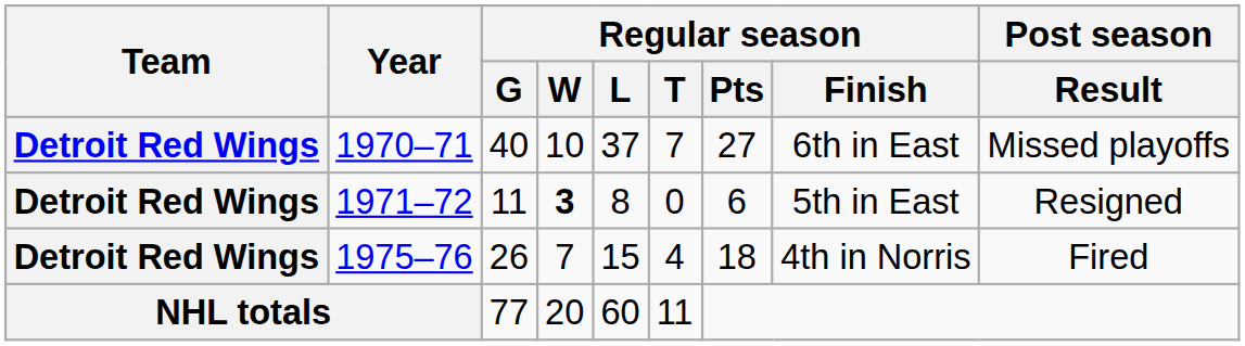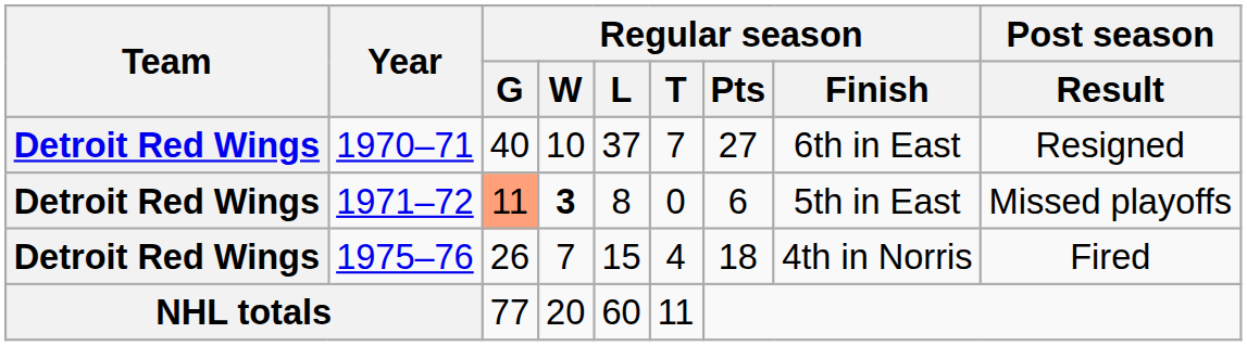 <table class="wikitable" style="font-size: 95%; text-align:center;">
 <tr>
 <th rowspan="2">Team</th>
 <th rowspan="2">Year</th>
 <th colspan="6">Regular season</th>
 <th colspan="1">Post season</th>
 </tr>
 <tr>
 <th>G</th>
 <th>W</th>
 <th>L</th>
 <th>T</th>
 <th>Pts</th>
 <th>Finish</th>
 <th>Result</th>
 </tr>
 <tr>
 <th><a href='#'>Detroit Red Wings</a></th>
 <td><a href='#'>1970–71</a></td>
 <td>40</td>
 <td>10</td>
 <td>37</td>
 <td>7</td>
 <td>27</td>
 <td>6th in East</td>
-<td>Missed playoffs</td>
+<td>Resigned</td>
 </tr>
 <tr>
 <th>Detroit Red Wings</th>
 <td><a href='#'>1971–72</a></td>
-<td>11</td>
+<td style="background: lightsalmon;">11</td>
 <td><strong>3</strong></td>
 <td>8</td>
 <td>0</td>
 <td>6</td>
 <td>5th in East</td>
-<td>Resigned</td>
+<td>Missed playoffs</td>
 </tr>
 <tr>
 <th>Detroit Red Wings</th>
 <td><a href='#'>1975–76</a></td>
 <td>26</td>
 <td>7</td>
 <td>15</td>
 <td>4</td>
 <td>18</td>
 <td>4th in Norris</td>
 <td>Fired</td>
 </tr>
 <tr>
 <th colspan="2">NHL totals</th>
 <td>77</td>
 <td>20</td>
 <td>60</td>
 <td>11</td>
 </tr>
 </table>
